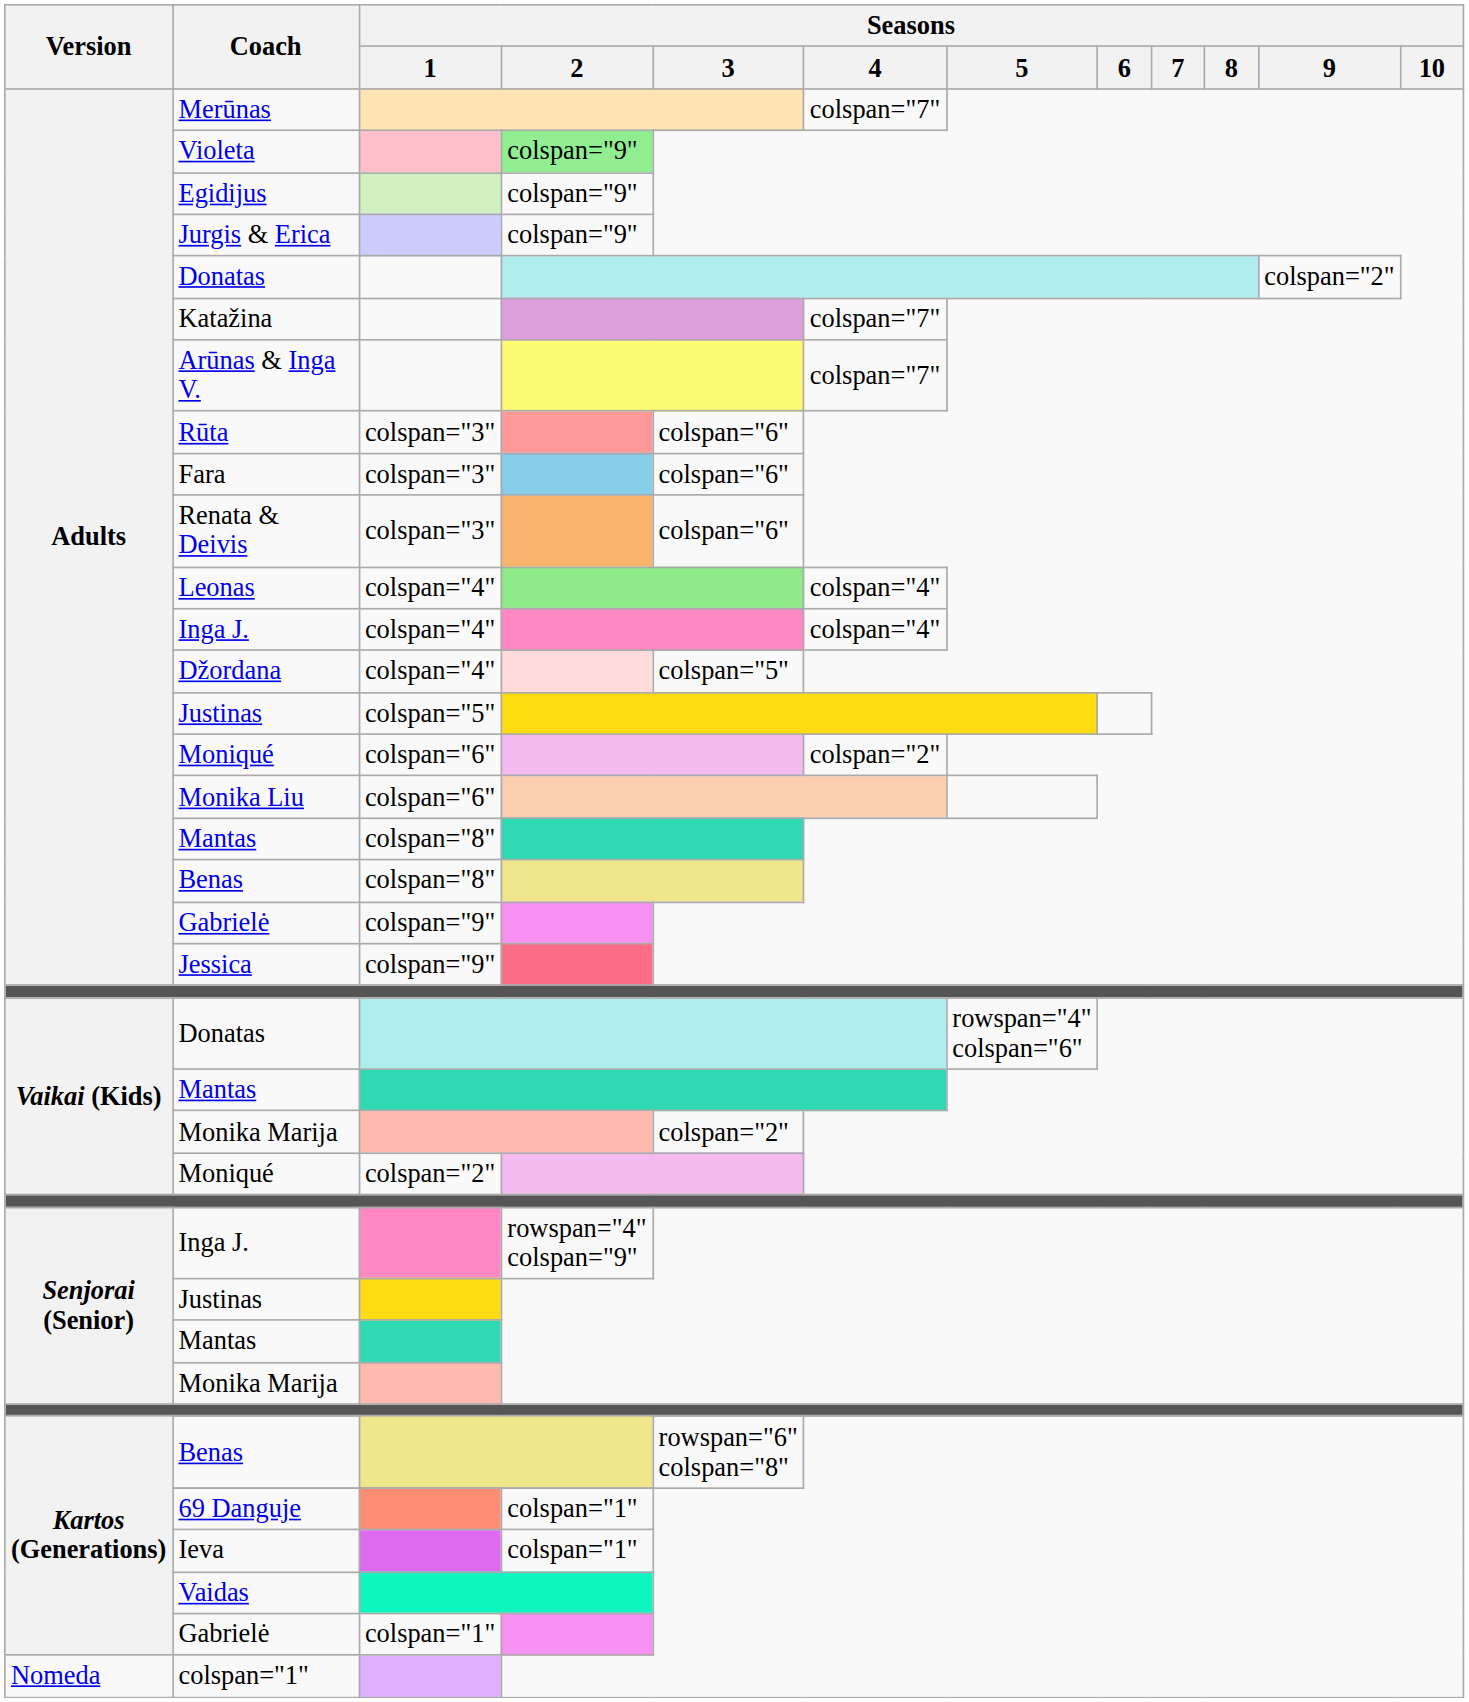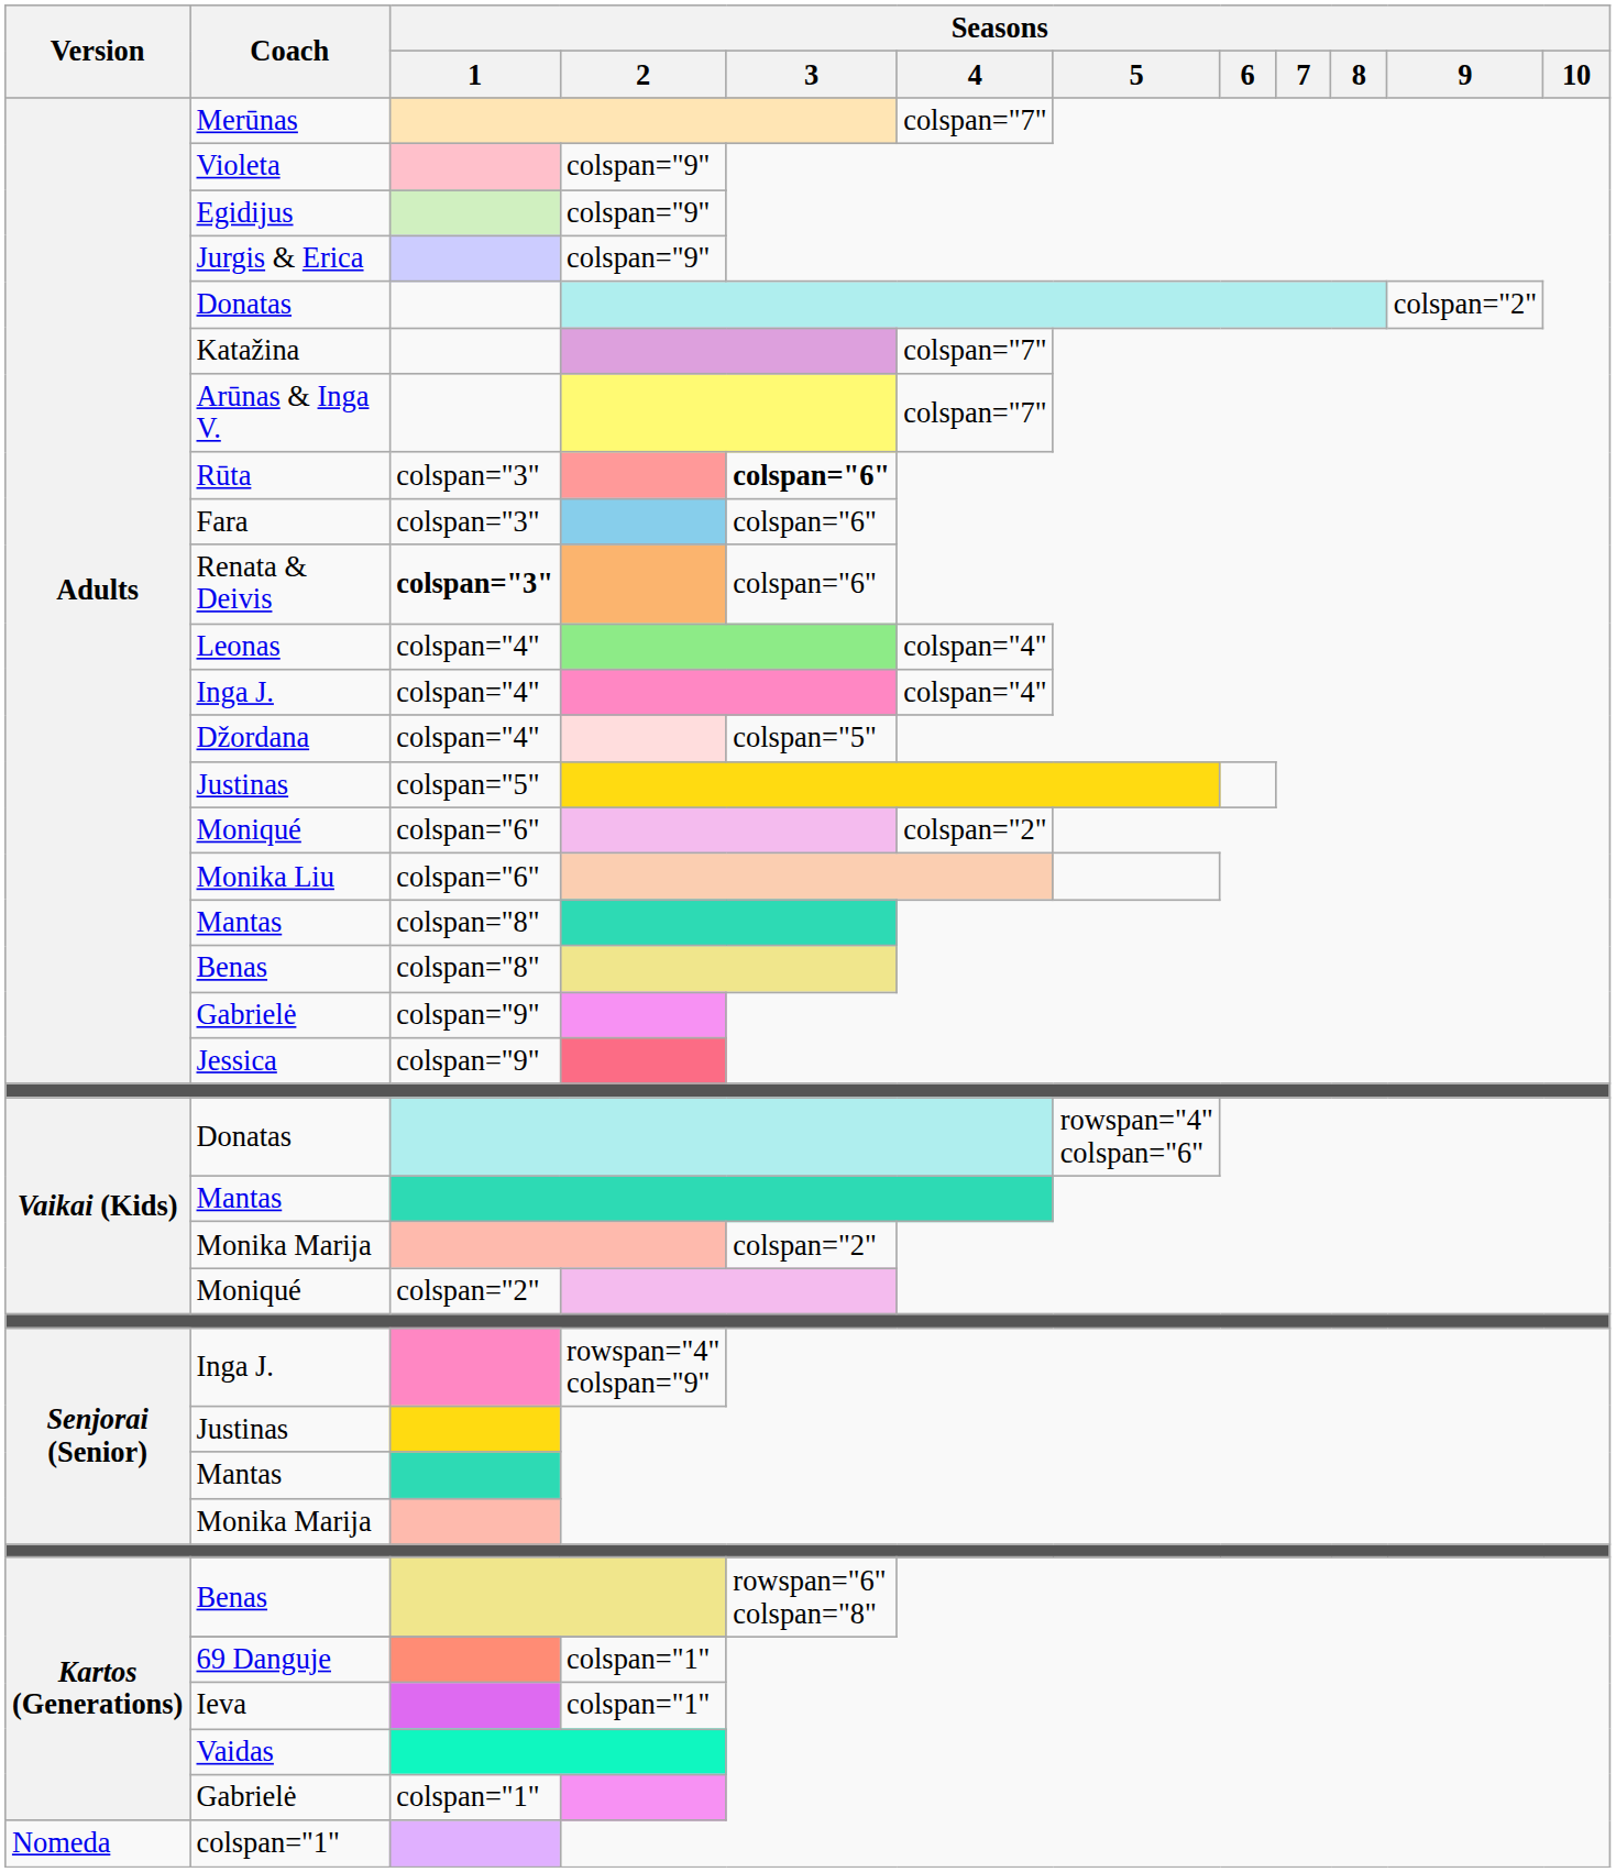 <table class="wikitable" width="70%">
 <tr>
 <th rowspan="2" width="40">Version</th>
 <th rowspan="2" width="160">Coach</th>
 <th colspan="10">Seasons</th>
 </tr>
 <tr>
 <th width="60">1</th>
 <th width="60">2</th>
 <th width="60">3</th>
 <th width="60">4</th>
 <th width="60">5</th>
 <th width="60">6</th>
 <th width="60">7</th>
 <th width="60">8</th>
 <th width="60">9</th>
 <th width="60">10</th>
 </tr>
 <tr>
 <th rowspan="20">Adults</th>
 <td><a href='#'>Merūnas</a></td>
 <td colspan="3" bgcolor="#ffe5b4"></td>
 <td>colspan="7" </td>
 </tr>
 <tr>
 <td><a href='#'>Violeta</a></td>
 <td bgcolor="pink"></td>
-<td style="background: lightgreen;">colspan="9" </td>
+<td>colspan="9" </td>
 </tr>
 <tr>
 <td><a href='#'>Egidijus</a></td>
 <td bgcolor="#d0f0c0"></td>
 <td>colspan="9" </td>
 </tr>
 <tr>
 <td><a href='#'>Jurgis</a> & <a href='#'>Erica</a></td>
 <td bgcolor="#ccccff"></td>
 <td>colspan="9" </td>
 </tr>
 <tr>
 <td><a href='#'>Donatas</a></td>
 <td></td>
 <td colspan="7" bgcolor="#afeeee"></td>
 <td>colspan="2" </td>
 </tr>
 <tr>
 <td>Katažina</td>
 <td></td>
 <td colspan="2" bgcolor="#dda0dd"></td>
 <td>colspan="7" </td>
 </tr>
 <tr>
 <td><a href='#'>Arūnas</a> & <a href='#'>Inga V.</a></td>
 <td></td>
 <td colspan="2" bgcolor="#fffa73"></td>
 <td>colspan="7" </td>
 </tr>
 <tr>
 <td><a href='#'>Rūta</a></td>
 <td>colspan="3" </td>
 <td bgcolor="#ff9999"></td>
-<td>colspan="6" </td>
+<td><strong>colspan="6" </strong></td>
 </tr>
 <tr>
 <td>Fara</td>
 <td>colspan="3" </td>
 <td bgcolor="#87ceeb"></td>
 <td>colspan="6" </td>
 </tr>
 <tr>
 <td>Renata & <a href='#'>Deivis</a></td>
-<td>colspan="3" </td>
+<td><strong>colspan="3" </strong></td>
 <td bgcolor="#fbb46e"></td>
 <td>colspan="6" </td>
 </tr>
 <tr>
 <td><a href='#'>Leonas</a></td>
 <td>colspan="4" </td>
 <td colspan="2" bgcolor="#8deb87"></td>
 <td>colspan="4" </td>
 </tr>
 <tr>
 <td><a href='#'>Inga J.</a></td>
 <td>colspan="4" </td>
 <td colspan="2" bgcolor="#FF87C3"></td>
 <td>colspan="4" </td>
 </tr>
 <tr>
 <td><a href='#'>Džordana</a></td>
 <td>colspan="4" </td>
 <td bgcolor="#ffdddd"></td>
 <td>colspan="5" </td>
 </tr>
 <tr>
 <td><a href='#'>Justinas</a></td>
 <td>colspan="5" </td>
 <td colspan="4" bgcolor="#ffdb11"></td>
 <td></td>
 </tr>
 <tr>
 <td><a href='#'>Moniqué</a></td>
 <td>colspan="6" </td>
 <td colspan="2" bgcolor="#f4bbee"></td>
 <td>colspan="2" </td>
 </tr>
 <tr>
 <td><a href='#'>Monika Liu</a></td>
 <td>colspan="6" </td>
 <td colspan="3" bgcolor="#fbceb1"></td>
 <td></td>
 </tr>
 <tr>
 <td><a href='#'>Mantas</a></td>
 <td>colspan="8" </td>
 <td colspan="2" bgcolor="#2ddab4"></td>
 </tr>
 <tr>
 <td><a href='#'>Benas</a></td>
 <td>colspan="8" </td>
 <td colspan="2" bgcolor="khaki"></td>
 </tr>
 <tr>
 <td><a href='#'>Gabrielė</a></td>
 <td>colspan="9" </td>
 <td bgcolor="#f791f3"></td>
 </tr>
 <tr>
 <td><a href='#'>Jessica</a></td>
 <td>colspan="9" </td>
 <td bgcolor="#FC6C85"></td>
 </tr>
 <tr>
 <td colspan="12" bgcolor="#555"></td>
 </tr>
 <tr>
 <th rowspan="4"><em>Vaikai</em> (Kids)</th>
 <td>Donatas</td>
 <td colspan="4" bgcolor="#afeeee"></td>
 <td>rowspan="4" colspan="6" </td>
 </tr>
 <tr>
 <td><a href='#'>Mantas</a></td>
 <td colspan="4" bgcolor="#2ddab4"></td>
 </tr>
 <tr>
 <td>Monika Marija</td>
 <td colspan="2" bgcolor="#febaad"></td>
 <td>colspan="2" </td>
 </tr>
 <tr>
 <td>Moniqué</td>
 <td>colspan="2" </td>
 <td colspan="2" bgcolor="#f4bbee"></td>
 </tr>
 <tr>
 <td colspan="12" bgcolor="#555"></td>
 </tr>
 <tr>
 <th rowspan="4"><em>Senjorai</em> (Senior)</th>
 <td>Inga J.</td>
 <td bgcolor="#FF87C3"></td>
 <td>rowspan="4" colspan="9" </td>
 </tr>
 <tr>
 <td>Justinas</td>
 <td bgcolor="#ffdb11"></td>
 </tr>
 <tr>
 <td>Mantas</td>
 <td bgcolor="#2ddab4"></td>
 </tr>
 <tr>
 <td>Monika Marija</td>
 <td bgcolor="#febaad"></td>
 </tr>
 <tr>
 <td colspan="12" bgcolor="#555"></td>
 </tr>
 <tr>
 <th rowspan="6"><em>Kartos</em> (Generations)</th>
 <td><a href='#'>Benas</a></td>
 <td colspan="2" bgcolor="khaki"></td>
 <td>rowspan="6" colspan="8" </td>
 </tr>
 <tr>
 </tr>
 <tr>
 <td><a href='#'>69 Danguje</a></td>
 <td bgcolor="#ff8c75"></td>
 <td>colspan="1" </td>
 </tr>
 <tr>
 <td>Ieva</td>
 <td bgcolor="#de6af1"></td>
 <td>colspan="1" </td>
 </tr>
 <tr>
 <td><a href='#'>Vaidas</a></td>
 <td colspan="2" bgcolor="#0ff7c0"></td>
 </tr>
 <tr>
 <td>Gabrielė</td>
 <td>colspan="1" </td>
 <td bgcolor="#f791f3"></td>
 </tr>
 <tr>
 <td><a href='#'>Nomeda</a></td>
 <td>colspan="1" </td>
 <td bgcolor="#E0B0FF"></td>
 </tr>
 <tr>
 </tr>
 </table>
